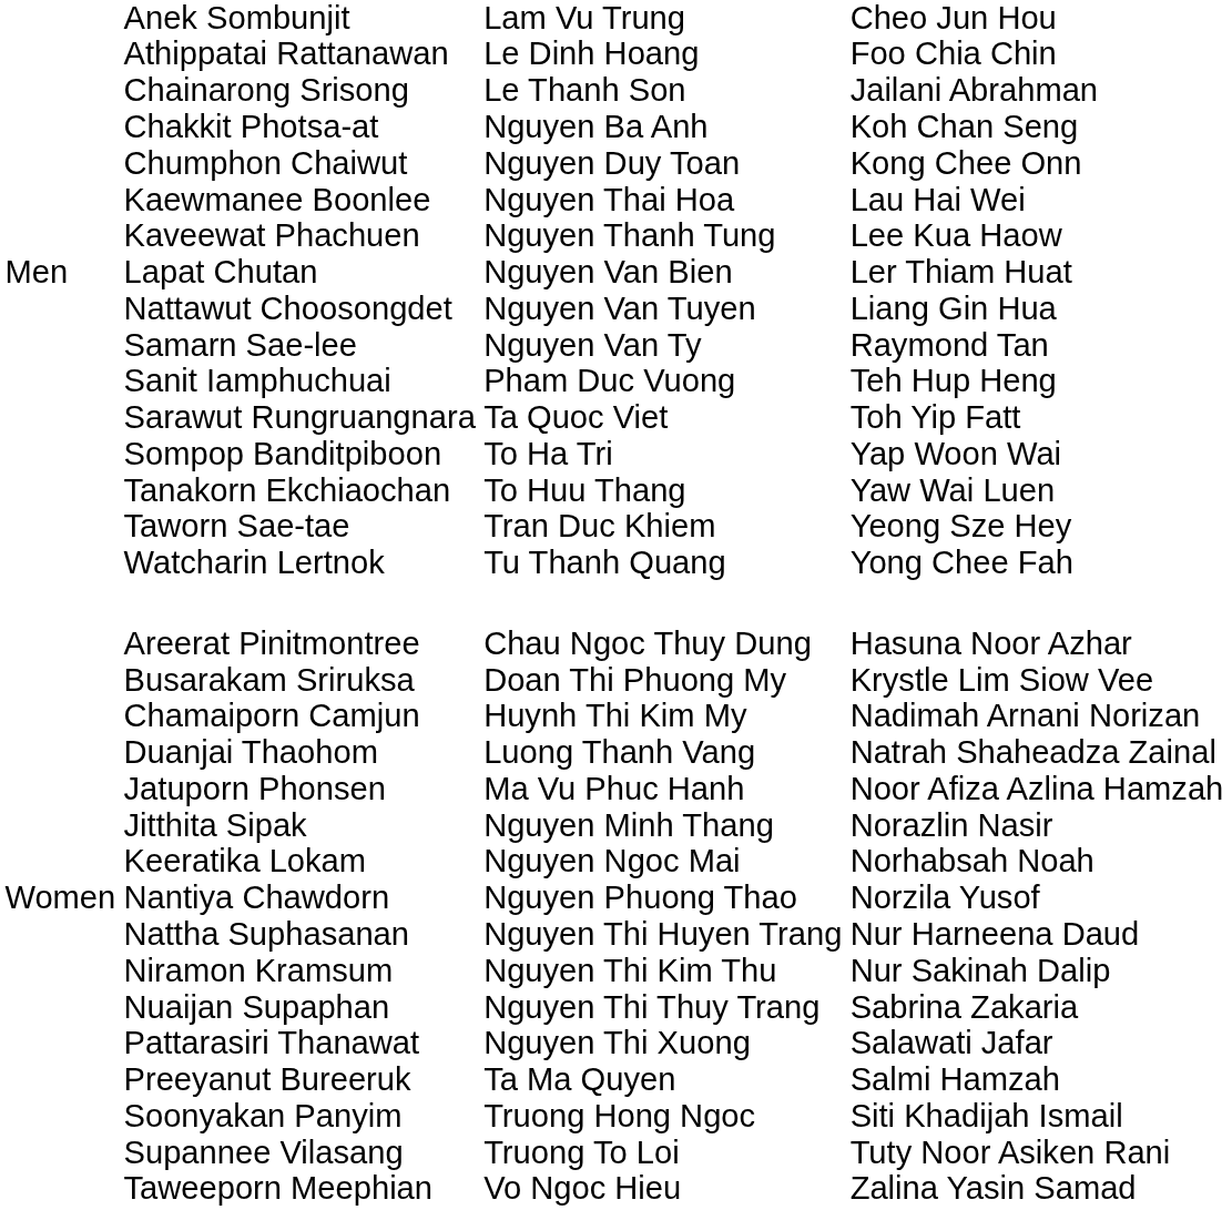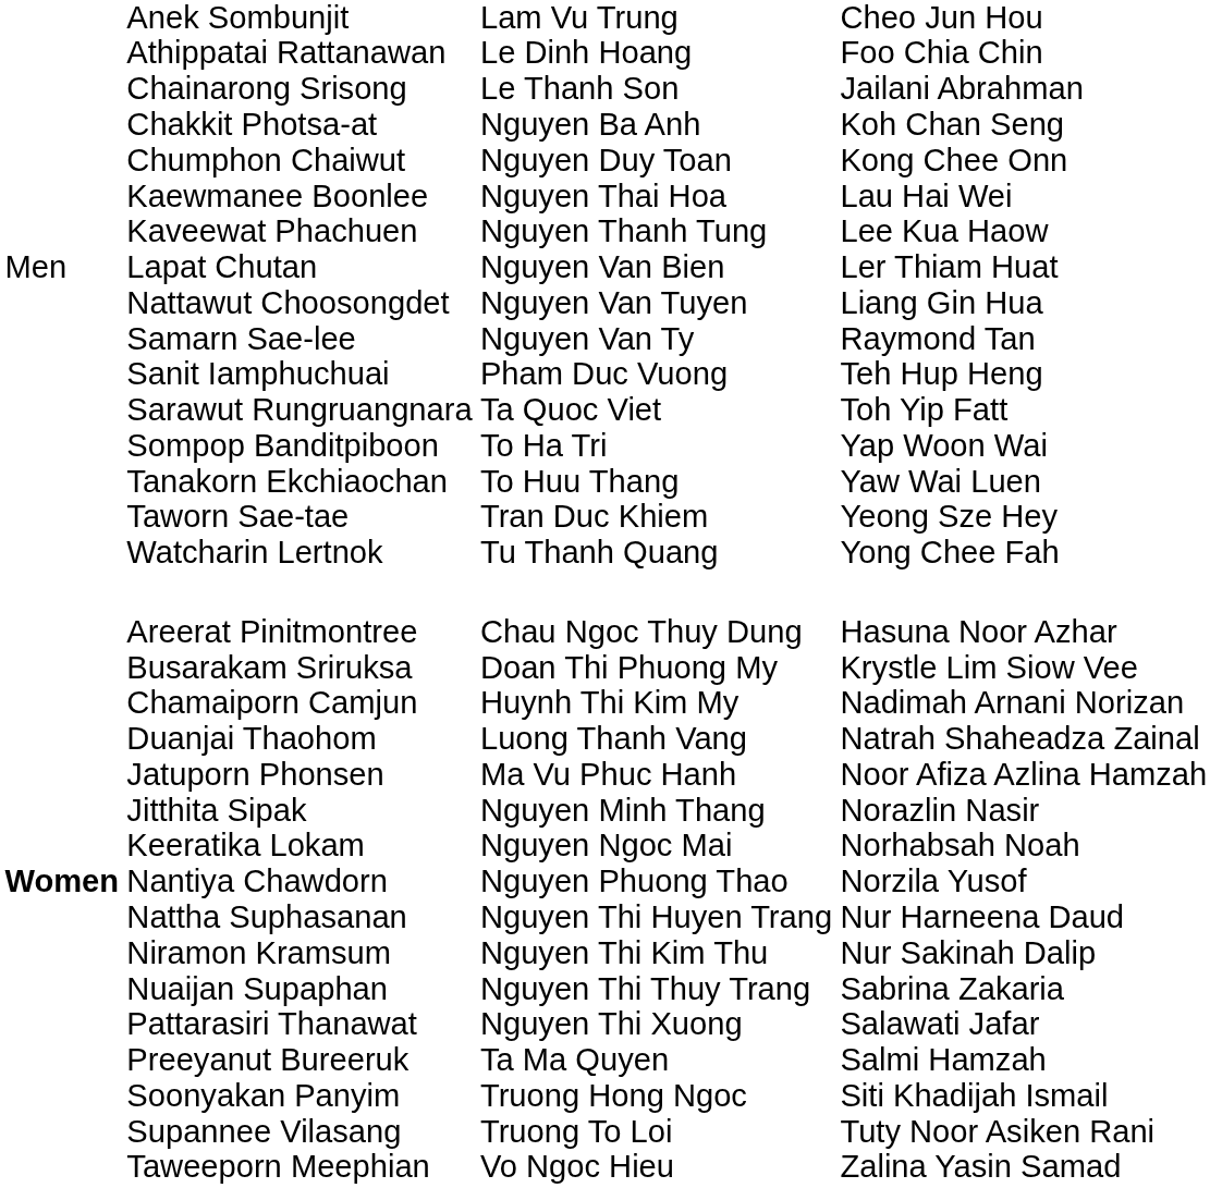 <table>
 <tr>
 <td>Men</td>
 <td nowrap=true><br>Anek Sombunjit<br>Athippatai Rattanawan<br>Chainarong Srisong<br>Chakkit Photsa-at<br>Chumphon Chaiwut<br>Kaewmanee Boonlee<br>Kaveewat Phachuen<br>Lapat Chutan<br>Nattawut Choosongdet<br>Samarn Sae-lee<br>Sanit Iamphuchuai<br>Sarawut Rungruangnara<br>Sompop Banditpiboon<br>Tanakorn Ekchiaochan<br>Taworn Sae-tae<br>Watcharin Lertnok</td>
 <td><br>Lam Vu Trung<br>Le Dinh Hoang<br>Le Thanh Son<br>Nguyen Ba Anh<br>Nguyen Duy Toan<br>Nguyen Thai Hoa<br>Nguyen Thanh Tung<br>Nguyen Van Bien<br>Nguyen Van Tuyen<br>Nguyen Van Ty<br>Pham Duc Vuong<br>Ta Quoc Viet<br>To Ha Tri<br>To Huu Thang<br>Tran Duc Khiem<br>Tu Thanh Quang</td>
 <td><br>Cheo Jun Hou<br>Foo Chia Chin<br>Jailani Abrahman<br>Koh Chan Seng<br>Kong Chee Onn<br>Lau Hai Wei<br>Lee Kua Haow<br>Ler Thiam Huat<br>Liang Gin Hua<br>Raymond Tan<br>Teh Hup Heng<br>Toh Yip Fatt<br>Yap Woon Wai<br>Yaw Wai Luen<br>Yeong Sze Hey<br>Yong Chee Fah</td>
 </tr>
 <tr>
-<td>Women</td>
+<td><strong>Women</strong></td>
 <td><br>Areerat Pinitmontree<br>Busarakam Sriruksa<br>Chamaiporn Camjun<br>Duanjai Thaohom<br>Jatuporn Phonsen<br>Jitthita Sipak<br>Keeratika Lokam<br>Nantiya Chawdorn<br>Nattha Suphasanan<br>Niramon Kramsum<br>Nuaijan Supaphan<br>Pattarasiri Thanawat<br>Preeyanut Bureeruk<br>Soonyakan Panyim<br>Supannee Vilasang<br>Taweeporn Meephian</td>
 <td nowrap=true><br>Chau Ngoc Thuy Dung<br>Doan Thi Phuong My<br>Huynh Thi Kim My<br>Luong Thanh Vang<br>Ma Vu Phuc Hanh<br>Nguyen Minh Thang<br>Nguyen Ngoc Mai<br>Nguyen Phuong Thao<br>Nguyen Thi Huyen Trang<br>Nguyen Thi Kim Thu<br>Nguyen Thi Thuy Trang<br>Nguyen Thi Xuong<br>Ta Ma Quyen<br>Truong Hong Ngoc<br>Truong To Loi<br>Vo Ngoc Hieu</td>
 <td nowrap=true><br>Hasuna Noor Azhar<br>Krystle Lim Siow Vee<br>Nadimah Arnani Norizan<br>Natrah Shaheadza Zainal<br>Noor Afiza Azlina Hamzah<br>Norazlin Nasir<br>Norhabsah Noah<br>Norzila Yusof<br>Nur Harneena Daud<br>Nur Sakinah Dalip<br>Sabrina Zakaria<br>Salawati Jafar<br>Salmi Hamzah<br>Siti Khadijah Ismail<br>Tuty Noor Asiken Rani<br>Zalina Yasin Samad</td>
 </tr>
 </table>
